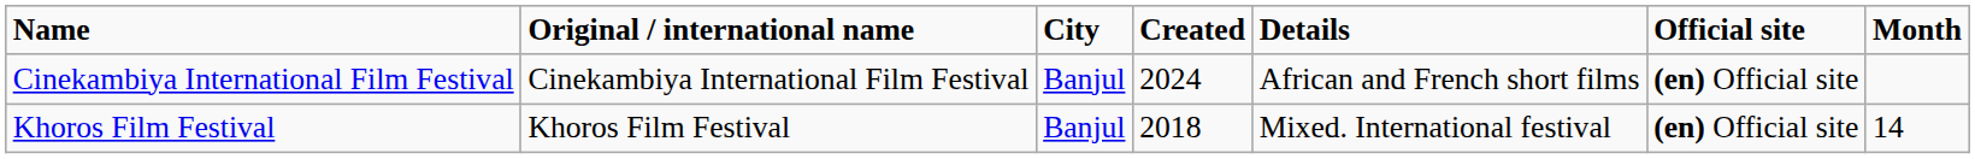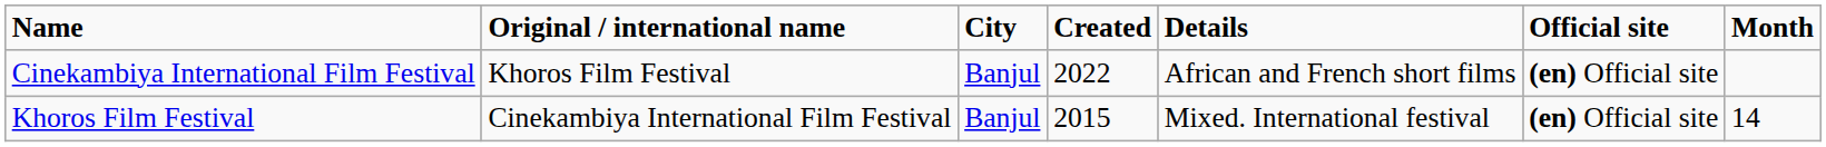 <table class="wikitable">
 <tr>
 <td><strong>Name</strong></td>
 <td><strong>Original / international name</strong></td>
 <td><strong>City</strong></td>
 <td><strong>Created</strong></td>
 <td><strong>Details</strong></td>
 <td><strong>Official site</strong></td>
 <td><strong>Month</strong></td>
 </tr>
 <tr>
 <td><a href='#'>Cinekambiya International Film Festival</a></td>
-<td>Cinekambiya International Film Festival</td>
+<td>Khoros Film Festival</td>
 <td><a href='#'>Banjul</a></td>
-<td>2024</td>
+<td>2022</td>
 <td>African and French short films</td>
 <td><strong>(en)</strong> Official site</td>
 <td></td>
 </tr>
 <tr>
 <td><a href='#'>Khoros Film Festival</a></td>
-<td>Khoros Film Festival</td>
+<td>Cinekambiya International Film Festival</td>
 <td><a href='#'>Banjul</a></td>
-<td>2018</td>
+<td>2015</td>
 <td>Mixed. International festival</td>
 <td><strong>(en)</strong> Official site</td>
 <td>14</td>
 </tr>
 </table>
